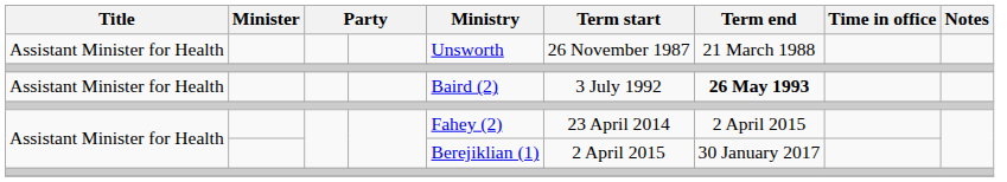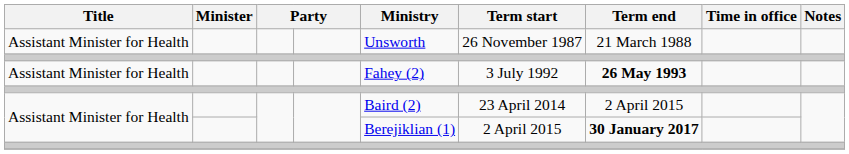 <table class="wikitable sortable">
 <tr>
 <th>Title</th>
 <th>Minister</th>
 <th colspan=2>Party</th>
 <th>Ministry</th>
 <th>Term start</th>
 <th>Term end</th>
 <th>Time in office</th>
 <th class="unsortable">Notes</th>
 </tr>
 <tr>
 <td>Assistant Minister for Health</td>
 <td></td>
 <td> </td>
 <td width=8%></td>
 <td><a href='#'>Unsworth</a></td>
 <td align=center>26 November 1987</td>
 <td align=center>21 March 1988</td>
 <td align=right></td>
 </tr>
 <tr>
 <th colspan=9 style="background: #cccccc;"></th>
 </tr>
 <tr>
 <td>Assistant Minister for Health</td>
 <td></td>
 <td> </td>
 <td></td>
-<td><a href='#'>Baird (2)</a></td>
+<td><a href='#'>Fahey (2)</a></td>
 <td align=center>3 July 1992</td>
 <td align=center><strong>26 May 1993</strong></td>
 <td align=right></td>
 </tr>
 <tr>
 <th colspan=9 style="background: #cccccc;"></th>
 </tr>
 <tr>
 <td rowspan="2">Assistant Minister for Health</td>
 <td></td>
 <td rowspan=2 > </td>
 <td rowspan="2"></td>
-<td><a href='#'>Fahey (2)</a></td>
+<td><a href='#'>Baird (2)</a></td>
 <td align=center>23 April 2014</td>
 <td align=center>2 April 2015</td>
 <td align=right></td>
 </tr>
 <tr>
 <td></td>
 <td><a href='#'>Berejiklian (1)</a></td>
 <td align=center>2 April 2015</td>
-<td align=center>30 January 2017</td>
+<td align=center><strong>30 January 2017</strong></td>
 <td align=right></td>
 </tr>
 <tr>
 <th colspan=9 style="background: #cccccc;"></th>
 </tr>
 <tr>
 </tr>
 </table>
